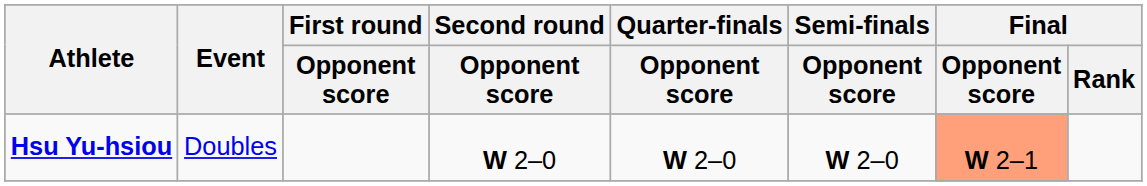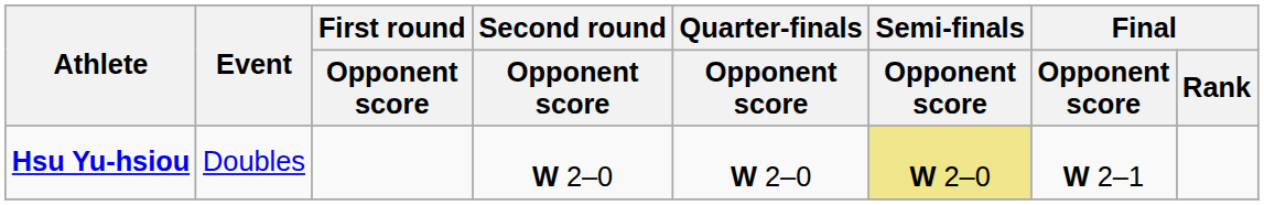 <table class="wikitable" style="font-size:90%; text-align:center">
 <tr>
 <th rowspan="2">Athlete</th>
 <th rowspan="2">Event</th>
 <th>First round</th>
 <th>Second round</th>
 <th>Quarter-finals</th>
 <th>Semi-finals</th>
 <th colspan="2">Final</th>
 </tr>
 <tr>
 <th>Opponent<br>score</th>
 <th>Opponent<br>score</th>
 <th>Opponent<br>score</th>
 <th>Opponent<br>score</th>
 <th>Opponent<br>score</th>
 <th>Rank</th>
 </tr>
 <tr>
 <td align="left"><strong><a href='#'>Hsu Yu-hsiou</a><br></strong></td>
 <td algin="left"><a href='#'>Doubles</a></td>
 <td></td>
 <td><br><strong>W</strong> 2–0</td>
 <td><br><strong>W</strong> 2–0</td>
-<td><br><strong>W</strong> 2–0</td>
-<td style="background: lightsalmon;"><br><strong>W</strong> 2–1</td>
+<td style="background: khaki;"><br><strong>W</strong> 2–0</td>
+<td><br><strong>W</strong> 2–1</td>
 <td></td>
 </tr>
 </table>
